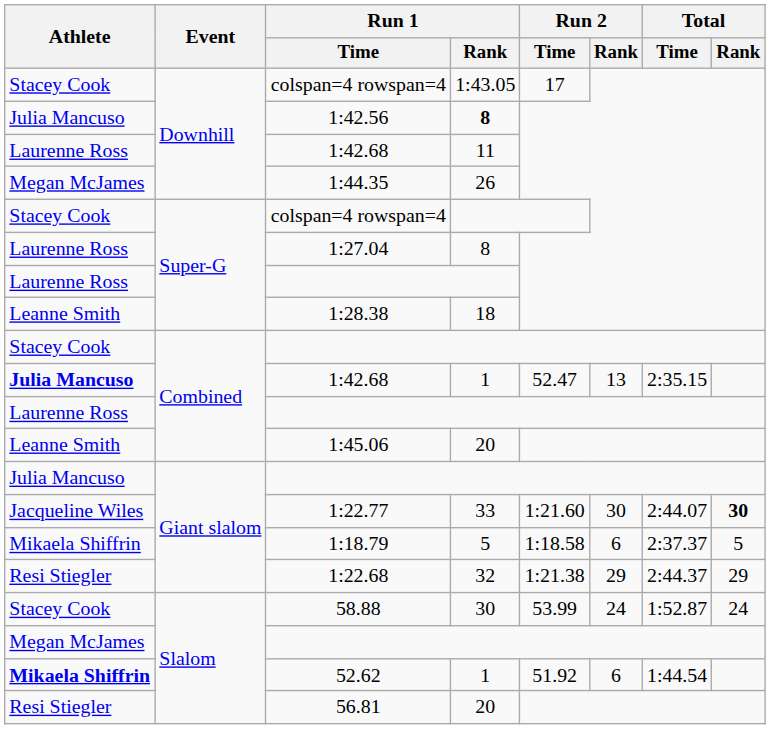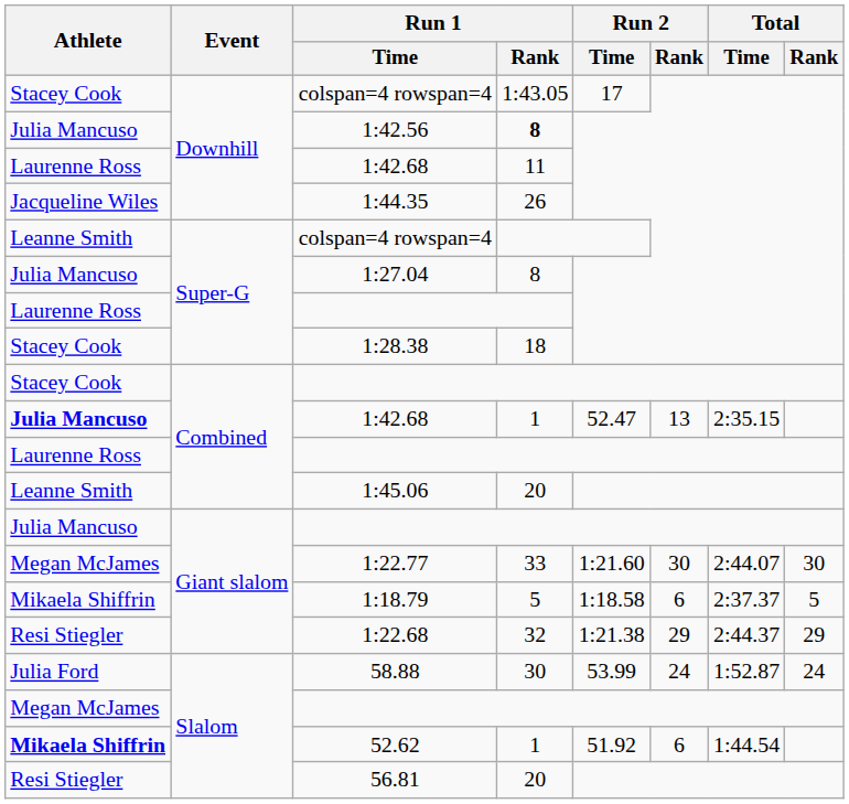 <table class=wikitable style=font-size:90%;text-align:center>
 <tr>
 <th rowspan=2>Athlete</th>
 <th rowspan=2>Event</th>
 <th colspan=2>Run 1</th>
 <th colspan=2>Run 2</th>
 <th colspan=2>Total</th>
 </tr>
 <tr style=font-size:95%>
 <th>Time</th>
 <th>Rank</th>
 <th>Time</th>
 <th>Rank</th>
 <th>Time</th>
 <th>Rank</th>
 </tr>
 <tr>
 <td align=left><a href='#'>Stacey Cook</a></td>
 <td align=left rowspan=4><a href='#'>Downhill</a></td>
 <td>colspan=4 rowspan=4 </td>
 <td>1:43.05</td>
 <td>17</td>
 </tr>
 <tr>
 <td align=left><a href='#'>Julia Mancuso</a></td>
 <td>1:42.56</td>
 <td><strong>8</strong></td>
 </tr>
 <tr>
 <td align=left><a href='#'>Laurenne Ross</a></td>
 <td>1:42.68</td>
 <td>11</td>
 </tr>
 <tr>
-<td align=left><a href='#'>Megan McJames</a></td>
+<td align=left><a href='#'>Jacqueline Wiles</a></td>
 <td>1:44.35</td>
 <td>26</td>
 </tr>
 <tr>
-<td align=left><a href='#'>Stacey Cook</a></td>
+<td align=left><a href='#'>Leanne Smith</a></td>
 <td align=left rowspan=4><a href='#'>Super-G</a></td>
 <td>colspan=4 rowspan=4 </td>
 <td colspan=2></td>
 </tr>
 <tr>
-<td align=left><a href='#'>Laurenne Ross</a></td>
+<td align=left><a href='#'>Julia Mancuso</a></td>
 <td>1:27.04</td>
 <td>8</td>
 </tr>
 <tr>
 <td align=left><a href='#'>Laurenne Ross</a></td>
 <td colspan=2></td>
 </tr>
 <tr>
-<td align=left><a href='#'>Leanne Smith</a></td>
+<td align=left><a href='#'>Stacey Cook</a></td>
 <td>1:28.38</td>
 <td>18</td>
 </tr>
 <tr>
 <td align=left><a href='#'>Stacey Cook</a></td>
 <td align=left rowspan=4><a href='#'>Combined</a></td>
 <td colspan=6></td>
 </tr>
 <tr>
 <td align=left><strong><a href='#'>Julia Mancuso</a></strong></td>
 <td>1:42.68</td>
 <td>1</td>
 <td>52.47</td>
 <td>13</td>
 <td>2:35.15</td>
 <td></td>
 </tr>
 <tr>
 <td align=left><a href='#'>Laurenne Ross</a></td>
 <td colspan=6></td>
 </tr>
 <tr>
 <td align=left><a href='#'>Leanne Smith</a></td>
 <td>1:45.06</td>
 <td>20</td>
 <td colspan=4></td>
 </tr>
 <tr>
 <td align=left><a href='#'>Julia Mancuso</a></td>
 <td align=left rowspan=4><a href='#'>Giant slalom</a></td>
 <td colspan=6></td>
 </tr>
 <tr>
-<td align=left><a href='#'>Jacqueline Wiles</a></td>
+<td align=left><a href='#'>Megan McJames</a></td>
 <td>1:22.77</td>
 <td>33</td>
 <td>1:21.60</td>
 <td>30</td>
 <td>2:44.07</td>
-<td><strong>30</strong></td>
+<td>30</td>
 </tr>
 <tr>
 <td align=left><a href='#'>Mikaela Shiffrin</a></td>
 <td>1:18.79</td>
 <td>5</td>
 <td>1:18.58</td>
 <td>6</td>
 <td>2:37.37</td>
 <td>5</td>
 </tr>
 <tr>
 <td align=left><a href='#'>Resi Stiegler</a></td>
 <td>1:22.68</td>
 <td>32</td>
 <td>1:21.38</td>
 <td>29</td>
 <td>2:44.37</td>
 <td>29</td>
 </tr>
 <tr>
-<td align=left><a href='#'>Stacey Cook</a></td>
+<td align=left><a href='#'>Julia Ford</a></td>
 <td align=left rowspan=4><a href='#'>Slalom</a></td>
 <td>58.88</td>
 <td>30</td>
 <td>53.99</td>
 <td>24</td>
 <td>1:52.87</td>
 <td>24</td>
 </tr>
 <tr>
 <td align=left><a href='#'>Megan McJames</a></td>
 <td colspan=6></td>
 </tr>
 <tr>
 <td align=left><strong><a href='#'>Mikaela Shiffrin</a></strong></td>
 <td>52.62</td>
 <td>1</td>
 <td>51.92</td>
 <td>6</td>
 <td>1:44.54</td>
 <td></td>
 </tr>
 <tr>
 <td align=left><a href='#'>Resi Stiegler</a></td>
 <td>56.81</td>
 <td>20</td>
 <td colspan=4></td>
 </tr>
 </table>
